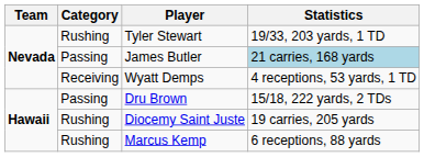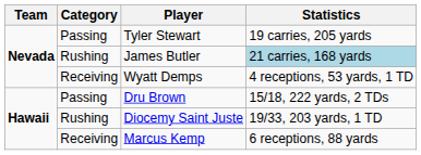 <table class="wikitable" style="float: left;">
 <tr>
 <th>Team</th>
 <th>Category</th>
 <th>Player</th>
 <th>Statistics</th>
 </tr>
 <tr>
 <td rowspan=3><strong>Nevada</strong></td>
-<td>Rushing</td>
+<td>Passing</td>
 <td>Tyler Stewart</td>
-<td>19/33, 203 yards, 1 TD</td>
+<td>19 carries, 205 yards</td>
 </tr>
 <tr>
-<td>Passing</td>
+<td>Rushing</td>
 <td>James Butler</td>
 <td style="background: lightblue;">21 carries, 168 yards</td>
 </tr>
 <tr>
 <td>Receiving</td>
 <td>Wyatt Demps</td>
 <td>4 receptions, 53 yards, 1 TD</td>
 </tr>
 <tr>
 <td rowspan=3><strong>Hawaii</strong></td>
 <td>Passing</td>
 <td><a href='#'>Dru Brown</a></td>
 <td>15/18, 222 yards, 2 TDs</td>
 </tr>
 <tr>
 <td>Rushing</td>
 <td><a href='#'>Diocemy Saint Juste</a></td>
-<td>19 carries, 205 yards</td>
+<td>19/33, 203 yards, 1 TD</td>
 </tr>
 <tr>
-<td>Rushing</td>
+<td>Receiving</td>
 <td><a href='#'>Marcus Kemp</a></td>
 <td>6 receptions, 88 yards</td>
 </tr>
 </table>
